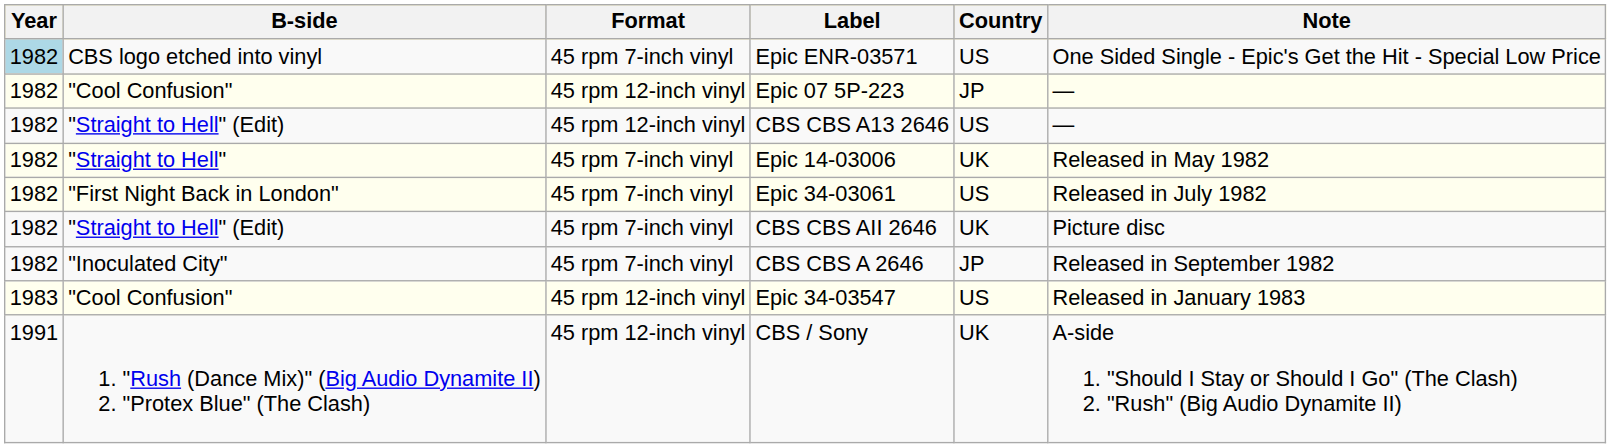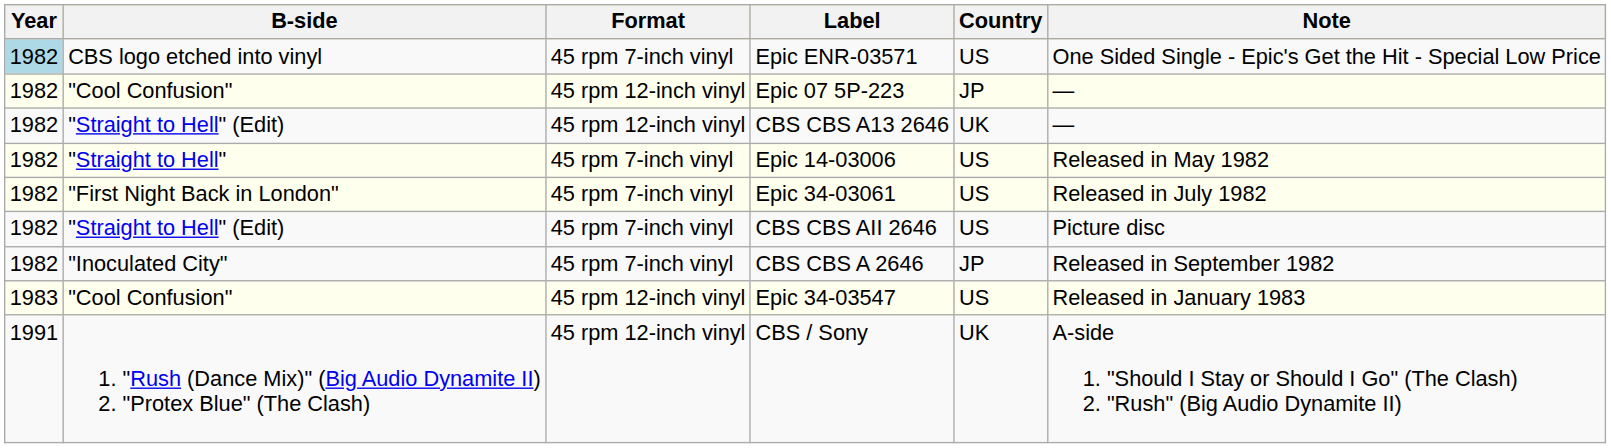 <table class="wikitable">
 <tr style="background: #fe8">
 <th align="center">Year</th>
 <th align="center">B-side</th>
 <th align="center">Format</th>
 <th align="center">Label</th>
 <th align="center">Country</th>
 <th align="center">Note</th>
 </tr>
 <tr>
 <td valign="top" style="background: lightblue;">1982</td>
 <td valign="top">CBS logo etched into vinyl</td>
 <td valign="top">45 rpm 7-inch vinyl</td>
 <td valign="top">Epic ENR-03571</td>
 <td valign="top">US</td>
 <td valign="top">One Sided Single - Epic's Get the Hit - Special Low Price</td>
 </tr>
 <tr style="background: #ffe">
 <td valign="top">1982</td>
 <td valign="top">"Cool Confusion"</td>
 <td valign="top">45 rpm 12-inch vinyl</td>
 <td valign="top">Epic 07 5P-223</td>
 <td valign="top">JP</td>
 <td valign="top">—</td>
 </tr>
 <tr>
 <td valign="top">1982</td>
 <td valign="top">"<a href='#'>Straight to Hell</a>" (Edit)</td>
 <td valign="top">45 rpm 12-inch vinyl</td>
 <td valign="top">CBS CBS A13 2646</td>
-<td valign="top">US</td>
+<td valign="top">UK</td>
 <td valign="top">—</td>
 </tr>
 <tr style="background: #ffe">
 <td valign="top">1982</td>
 <td valign="top">"<a href='#'>Straight to Hell</a>"</td>
 <td valign="top">45 rpm 7-inch vinyl</td>
 <td valign="top">Epic 14-03006</td>
-<td valign="top">UK</td>
+<td valign="top">US</td>
 <td valign="top">Released in May 1982</td>
 </tr>
 <tr style="background: #ffe">
 <td valign="top">1982</td>
 <td valign="top">"First Night Back in London"</td>
 <td valign="top">45 rpm 7-inch vinyl</td>
 <td valign="top">Epic 34-03061</td>
 <td valign="top">US</td>
 <td valign="top">Released in July 1982</td>
 </tr>
 <tr>
 <td valign="top">1982</td>
 <td valign="top">"<a href='#'>Straight to Hell</a>" (Edit)</td>
 <td valign="top">45 rpm 7-inch vinyl</td>
 <td valign="top">CBS CBS AII 2646</td>
-<td valign="top">UK</td>
+<td valign="top">US</td>
 <td valign="top">Picture disc</td>
 </tr>
 <tr>
 <td valign="top">1982</td>
 <td valign="top">"Inoculated City"</td>
 <td valign="top">45 rpm 7-inch vinyl</td>
 <td valign="top">CBS CBS A 2646</td>
 <td valign="top">JP</td>
 <td valign="top">Released in September 1982</td>
 </tr>
 <tr style="background: #ffe">
 <td valign="top">1983</td>
 <td valign="top">"Cool Confusion"</td>
 <td valign="top">45 rpm 12-inch vinyl</td>
 <td valign="top">Epic 34-03547</td>
 <td valign="top">US</td>
 <td valign="top">Released in January 1983</td>
 </tr>
 <tr>
 <td valign="top">1991</td>
 <td valign="top"><br><ol><li>"<a href='#'>Rush</a> (Dance Mix)" (<a href='#'>Big Audio Dynamite II</a>)</li><li>"Protex Blue" (The Clash)</li></ol></td>
 <td valign="top">45 rpm 12-inch vinyl</td>
 <td valign="top">CBS / Sony</td>
 <td valign="top">UK</td>
 <td valign="top">A-side<br><ol><li>"Should I Stay or Should I Go" (The Clash)</li><li>"Rush" (Big Audio Dynamite II)</li></ol></td>
 </tr>
 </table>
